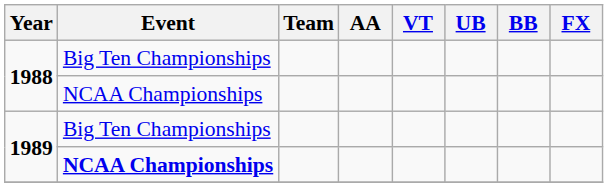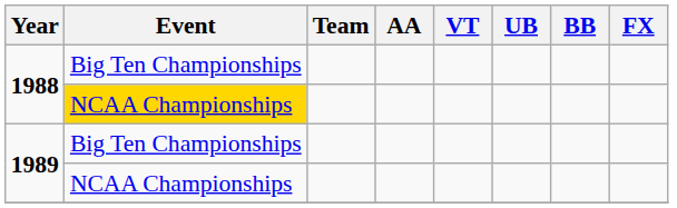 <table class="wikitable" style="text-align:center; font-size:95%;">
 <tr>
 <th align="center">Year</th>
 <th align="center">Event</th>
 <th style="width:30px;">Team</th>
 <th style="width:30px;">AA</th>
 <th style="width:30px;"><a href='#'>VT</a></th>
 <th style="width:30px;"><a href='#'>UB</a></th>
 <th style="width:30px;"><a href='#'>BB</a></th>
 <th style="width:30px;"><a href='#'>FX</a></th>
 </tr>
 <tr>
 <td rowspan="2"><strong>1988</strong></td>
 <td align="left"><a href='#'>Big Ten Championships</a></td>
 <td></td>
 <td></td>
 <td></td>
 <td></td>
 <td></td>
 <td></td>
 </tr>
 <tr>
-<td align="left"><a href='#'>NCAA Championships</a></td>
+<td align="left" style="background: gold;"><a href='#'>NCAA Championships</a></td>
 <td></td>
 <td></td>
 <td></td>
 <td></td>
 <td></td>
 <td></td>
 </tr>
 <tr>
 <td rowspan="2"><strong>1989</strong></td>
 <td align="left"><a href='#'>Big Ten Championships</a></td>
 <td></td>
 <td></td>
 <td></td>
 <td></td>
 <td></td>
 <td></td>
 </tr>
 <tr>
-<td align="left"><strong><a href='#'>NCAA Championships</a></strong></td>
+<td align="left"><a href='#'>NCAA Championships</a></td>
 <td></td>
 <td></td>
 <td></td>
 <td></td>
 <td></td>
 <td></td>
 </tr>
 <tr>
 </tr>
 </table>
